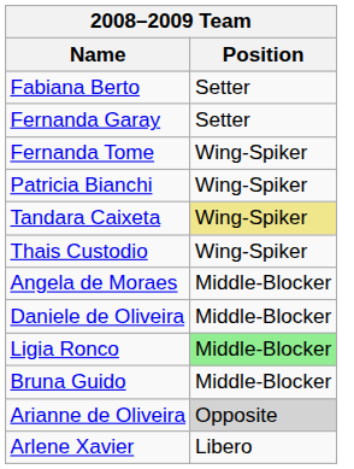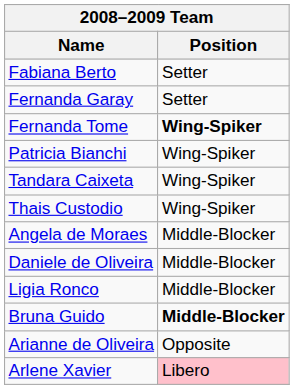 <table class="wikitable collapsible collapsed">
 <tr>
 <th colspan=6><strong>2008–2009 Team</strong></th>
 </tr>
 <tr bgcolor="#CCCCCC">
 <th>Name</th>
 <th>Position</th>
 </tr>
 <tr>
 <td><a href='#'>Fabiana Berto</a></td>
 <td>Setter</td>
 </tr>
 <tr>
 <td><a href='#'>Fernanda Garay</a></td>
 <td>Setter</td>
 </tr>
 <tr>
 <td><a href='#'>Fernanda Tome</a></td>
-<td>Wing-Spiker</td>
+<td><strong>Wing-Spiker</strong></td>
 </tr>
 <tr>
 <td><a href='#'>Patricia Bianchi</a></td>
 <td>Wing-Spiker</td>
 </tr>
 <tr>
 <td><a href='#'>Tandara Caixeta</a></td>
-<td style="background: khaki;">Wing-Spiker</td>
+<td>Wing-Spiker</td>
 </tr>
 <tr>
 <td><a href='#'>Thais Custodio</a></td>
 <td>Wing-Spiker</td>
 </tr>
 <tr>
 <td><a href='#'>Angela de Moraes</a></td>
 <td>Middle-Blocker</td>
 </tr>
 <tr>
 <td><a href='#'>Daniele de Oliveira</a></td>
 <td>Middle-Blocker</td>
 </tr>
 <tr>
 <td><a href='#'>Ligia Ronco</a></td>
-<td style="background: lightgreen;">Middle-Blocker</td>
+<td>Middle-Blocker</td>
 </tr>
 <tr>
 <td><a href='#'>Bruna Guido</a></td>
-<td>Middle-Blocker</td>
+<td><strong>Middle-Blocker</strong></td>
 </tr>
 <tr>
 <td><a href='#'>Arianne de Oliveira</a></td>
-<td style="background: lightgrey;">Opposite</td>
+<td>Opposite</td>
 </tr>
 <tr>
 <td><a href='#'>Arlene Xavier</a></td>
-<td>Libero</td>
+<td style="background: pink;">Libero</td>
 </tr>
 </table>
